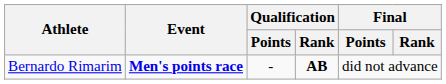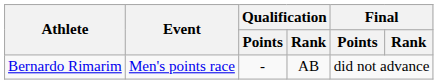 <table class=wikitable style="font-size:90%">
 <tr>
 <th rowspan=2>Athlete</th>
 <th rowspan=2>Event</th>
 <th colspan=2>Qualification</th>
 <th colspan=2>Final</th>
 </tr>
 <tr>
 <th>Points</th>
 <th>Rank</th>
 <th>Points</th>
 <th>Rank</th>
 </tr>
 <tr>
 <td><a href='#'>Bernardo Rimarim</a></td>
-<td><strong><a href='#'>Men's points race</a></strong></td>
+<td><a href='#'>Men's points race</a></td>
 <td align=center>-</td>
-<td align=center><strong>AB</strong></td>
+<td align=center>AB</td>
 <td colspan=2>did not advance</td>
 </tr>
 </table>
